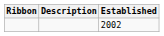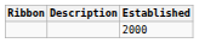 <table class="wikitable">
 <tr>
 <th>Ribbon</th>
 <th>Description</th>
 <th>Established</th>
 </tr>
 <tr>
 <td><big></big></td>
 <td></td>
-<td>2002</td>
+<td>2000</td>
 </tr>
 </table>
